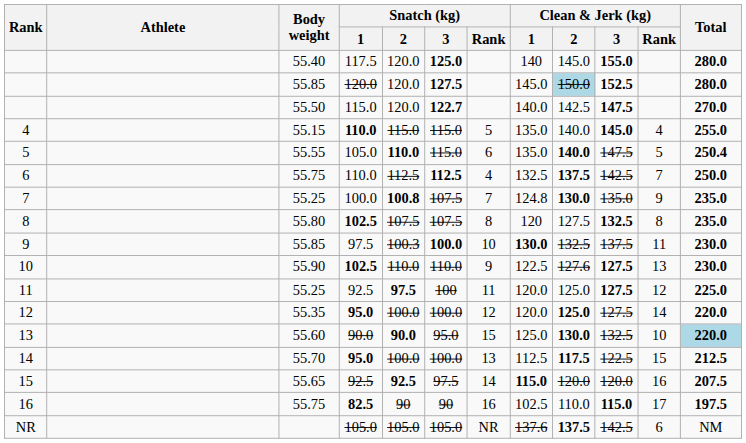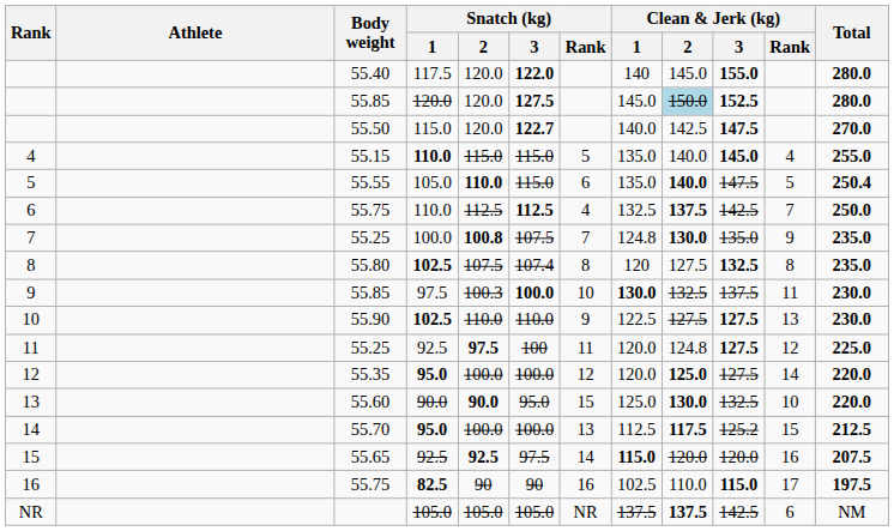 <table class = "wikitable" style="text-align:center;">
 <tr>
 <th rowspan=2 width=40>Rank</th>
 <th rowspan=2 width=250>Athlete</th>
 <th rowspan=2 width=60>Body weight</th>
 <th colspan=4>Snatch (kg)</th>
 <th colspan=4>Clean & Jerk (kg)</th>
 <th rowspan=2 width=60>Total</th>
 </tr>
 <tr>
 <th width=40>1</th>
 <th width=40>2</th>
 <th width=40>3</th>
 <th width=40>Rank</th>
 <th width=40>1</th>
 <th width=40>2</th>
 <th width=40>3</th>
 <th width=40>Rank</th>
 </tr>
 <tr>
 <td></td>
 <td align=left></td>
 <td>55.40</td>
 <td>117.5</td>
 <td>120.0</td>
-<td><strong>125.0</strong></td>
+<td><strong>122.0</strong></td>
 <td></td>
 <td>140</td>
 <td>145.0</td>
 <td><strong>155.0</strong></td>
 <td></td>
 <td><strong>280.0</strong></td>
 </tr>
 <tr>
 <td></td>
 <td align=left></td>
 <td>55.85</td>
 <td><s>120.0</s></td>
 <td>120.0</td>
 <td><strong>127.5</strong></td>
 <td></td>
 <td>145.0</td>
 <td style="background: lightblue;"><s>150.0</s></td>
 <td><strong>152.5</strong></td>
 <td></td>
 <td><strong>280.0</strong></td>
 </tr>
 <tr>
 <td></td>
 <td align=left></td>
 <td>55.50</td>
 <td>115.0</td>
 <td>120.0</td>
 <td><strong>122.7</strong></td>
 <td></td>
 <td>140.0</td>
 <td>142.5</td>
 <td><strong>147.5</strong></td>
 <td></td>
 <td><strong>270.0</strong></td>
 </tr>
 <tr>
 <td>4</td>
 <td align=left></td>
 <td>55.15</td>
 <td><strong>110.0</strong></td>
 <td><s>115.0</s></td>
 <td><s>115.0</s></td>
 <td>5</td>
 <td>135.0</td>
 <td>140.0</td>
 <td><strong>145.0</strong></td>
 <td>4</td>
 <td><strong>255.0</strong></td>
 </tr>
 <tr>
 <td>5</td>
 <td align=left></td>
 <td>55.55</td>
 <td>105.0</td>
 <td><strong>110.0</strong></td>
 <td><s>115.0</s></td>
 <td>6</td>
 <td>135.0</td>
 <td><strong>140.0</strong></td>
 <td><s>147.5</s></td>
 <td>5</td>
 <td><strong>250.4</strong></td>
 </tr>
 <tr>
 <td>6</td>
 <td align=left></td>
 <td>55.75</td>
 <td>110.0</td>
 <td><s>112.5</s></td>
 <td><strong>112.5</strong></td>
 <td>4</td>
 <td>132.5</td>
 <td><strong>137.5</strong></td>
 <td><s>142.5</s></td>
 <td>7</td>
 <td><strong>250.0</strong></td>
 </tr>
 <tr>
 <td>7</td>
 <td align=left></td>
 <td>55.25</td>
 <td>100.0</td>
 <td><strong>100.8</strong></td>
 <td><s>107.5</s></td>
 <td>7</td>
 <td>124.8</td>
 <td><strong>130.0</strong></td>
 <td><s>135.0</s></td>
 <td>9</td>
 <td><strong>235.0</strong></td>
 </tr>
 <tr>
 <td>8</td>
 <td align=left></td>
 <td>55.80</td>
 <td><strong>102.5</strong></td>
 <td><s>107.5</s></td>
-<td><s>107.5</s></td>
+<td><s>107.4</s></td>
 <td>8</td>
 <td>120</td>
 <td>127.5</td>
 <td><strong>132.5</strong></td>
 <td>8</td>
 <td><strong>235.0</strong></td>
 </tr>
 <tr>
 <td>9</td>
 <td align=left></td>
 <td>55.85</td>
 <td>97.5</td>
 <td><s>100.3</s></td>
 <td><strong>100.0</strong></td>
 <td>10</td>
 <td><strong>130.0</strong></td>
 <td><s>132.5</s></td>
 <td><s>137.5</s></td>
 <td>11</td>
 <td><strong>230.0</strong></td>
 </tr>
 <tr>
 <td>10</td>
 <td align=left></td>
 <td>55.90</td>
 <td><strong>102.5</strong></td>
 <td><s>110.0</s></td>
 <td><s>110.0</s></td>
 <td>9</td>
 <td>122.5</td>
-<td><s>127.6</s></td>
+<td><s>127.5</s></td>
 <td><strong>127.5</strong></td>
 <td>13</td>
 <td><strong>230.0</strong></td>
 </tr>
 <tr>
 <td>11</td>
 <td align=left></td>
 <td>55.25</td>
 <td>92.5</td>
 <td><strong>97.5</strong></td>
 <td><s>100</s></td>
 <td>11</td>
 <td>120.0</td>
-<td>125.0</td>
+<td>124.8</td>
 <td><strong>127.5</strong></td>
 <td>12</td>
 <td><strong>225.0</strong></td>
 </tr>
 <tr>
 <td>12</td>
 <td align=left></td>
 <td>55.35</td>
 <td><strong>95.0</strong></td>
 <td><s>100.0</s></td>
 <td><s>100.0</s></td>
 <td>12</td>
 <td>120.0</td>
 <td><strong>125.0</strong></td>
 <td><s>127.5</s></td>
 <td>14</td>
 <td><strong>220.0</strong></td>
 </tr>
 <tr>
 <td>13</td>
 <td align=left></td>
 <td>55.60</td>
 <td><s>90.0</s></td>
 <td><strong>90.0</strong></td>
 <td><s>95.0</s></td>
 <td>15</td>
 <td>125.0</td>
 <td><strong>130.0</strong></td>
 <td><s>132.5</s></td>
 <td>10</td>
-<td style="background: lightblue;"><strong>220.0</strong></td>
+<td><strong>220.0</strong></td>
 </tr>
 <tr>
 <td>14</td>
 <td align=left></td>
 <td>55.70</td>
 <td><strong>95.0</strong></td>
 <td><s>100.0</s></td>
 <td><s>100.0</s></td>
 <td>13</td>
 <td>112.5</td>
 <td><strong>117.5</strong></td>
-<td><s>122.5</s></td>
+<td><s>125.2</s></td>
 <td>15</td>
 <td><strong>212.5</strong></td>
 </tr>
 <tr>
 <td>15</td>
 <td align=left></td>
 <td>55.65</td>
 <td><s>92.5</s></td>
 <td><strong>92.5</strong></td>
 <td><s>97.5</s></td>
 <td>14</td>
 <td><strong>115.0</strong></td>
 <td><s>120.0</s></td>
 <td><s>120.0</s></td>
 <td>16</td>
 <td><strong>207.5</strong></td>
 </tr>
 <tr>
 <td>16</td>
 <td align=left></td>
 <td>55.75</td>
 <td><strong>82.5</strong></td>
 <td><s>90</s></td>
 <td><s>90</s></td>
 <td>16</td>
 <td>102.5</td>
 <td>110.0</td>
 <td><strong>115.0</strong></td>
 <td>17</td>
 <td><strong>197.5</strong></td>
 </tr>
 <tr>
 <td>NR</td>
 <td align=left></td>
 <td></td>
 <td><s>105.0</s></td>
 <td><s>105.0</s></td>
 <td><s>105.0</s></td>
 <td>NR</td>
-<td><s>137.6</s></td>
+<td><s>137.5</s></td>
 <td><strong>137.5</strong></td>
 <td><s>142.5</s></td>
 <td>6</td>
 <td>NM</td>
 </tr>
 </table>
